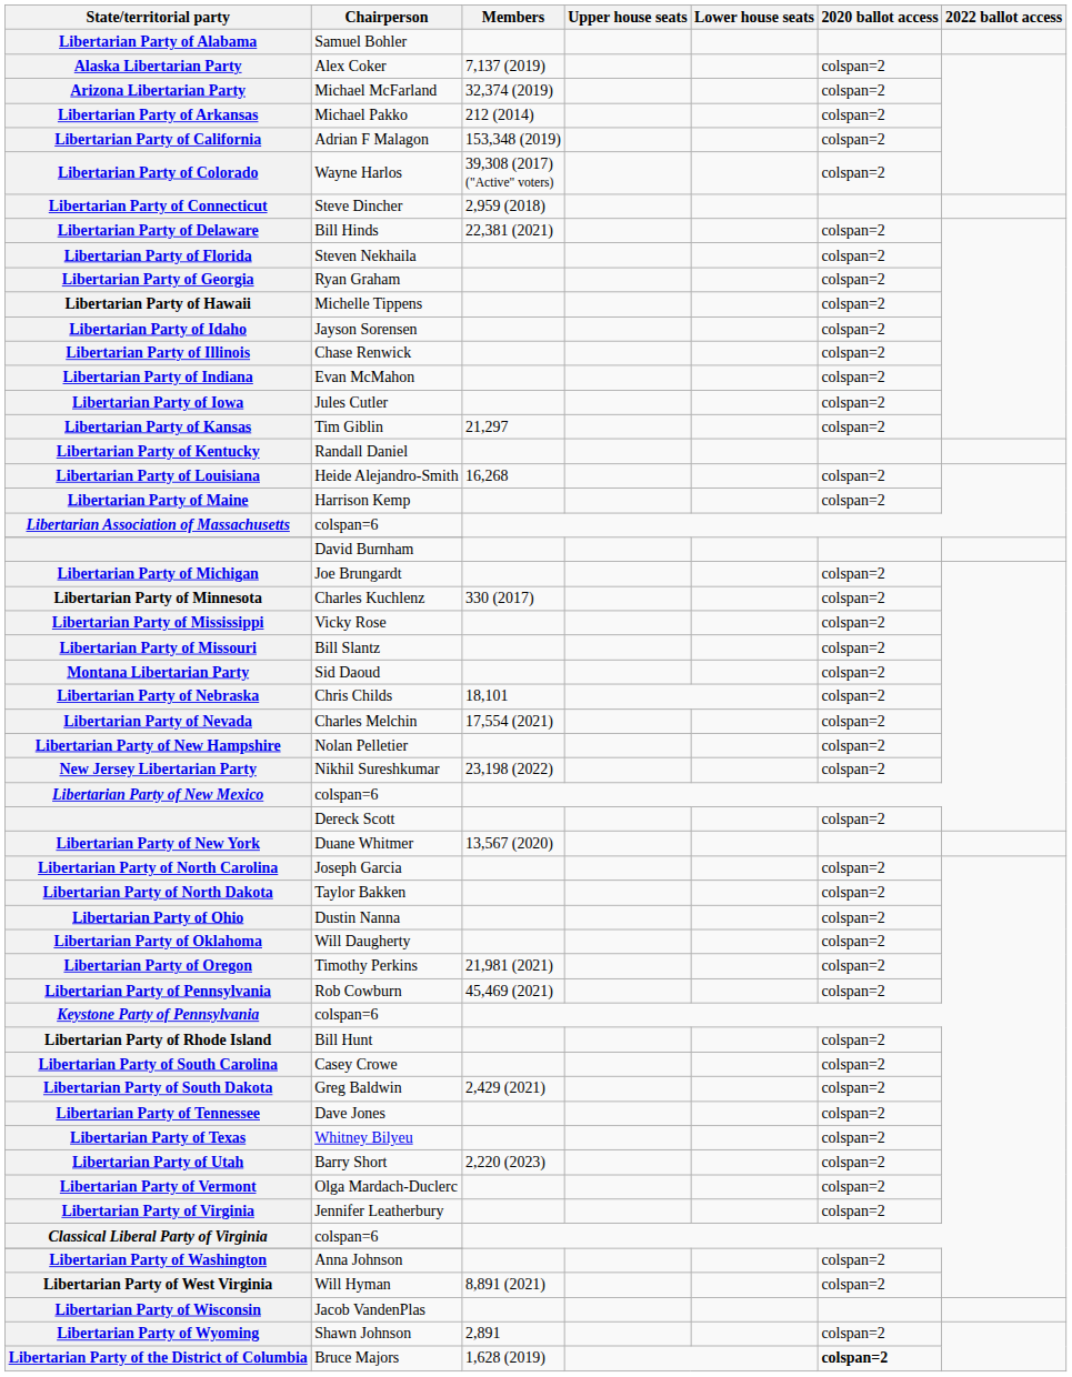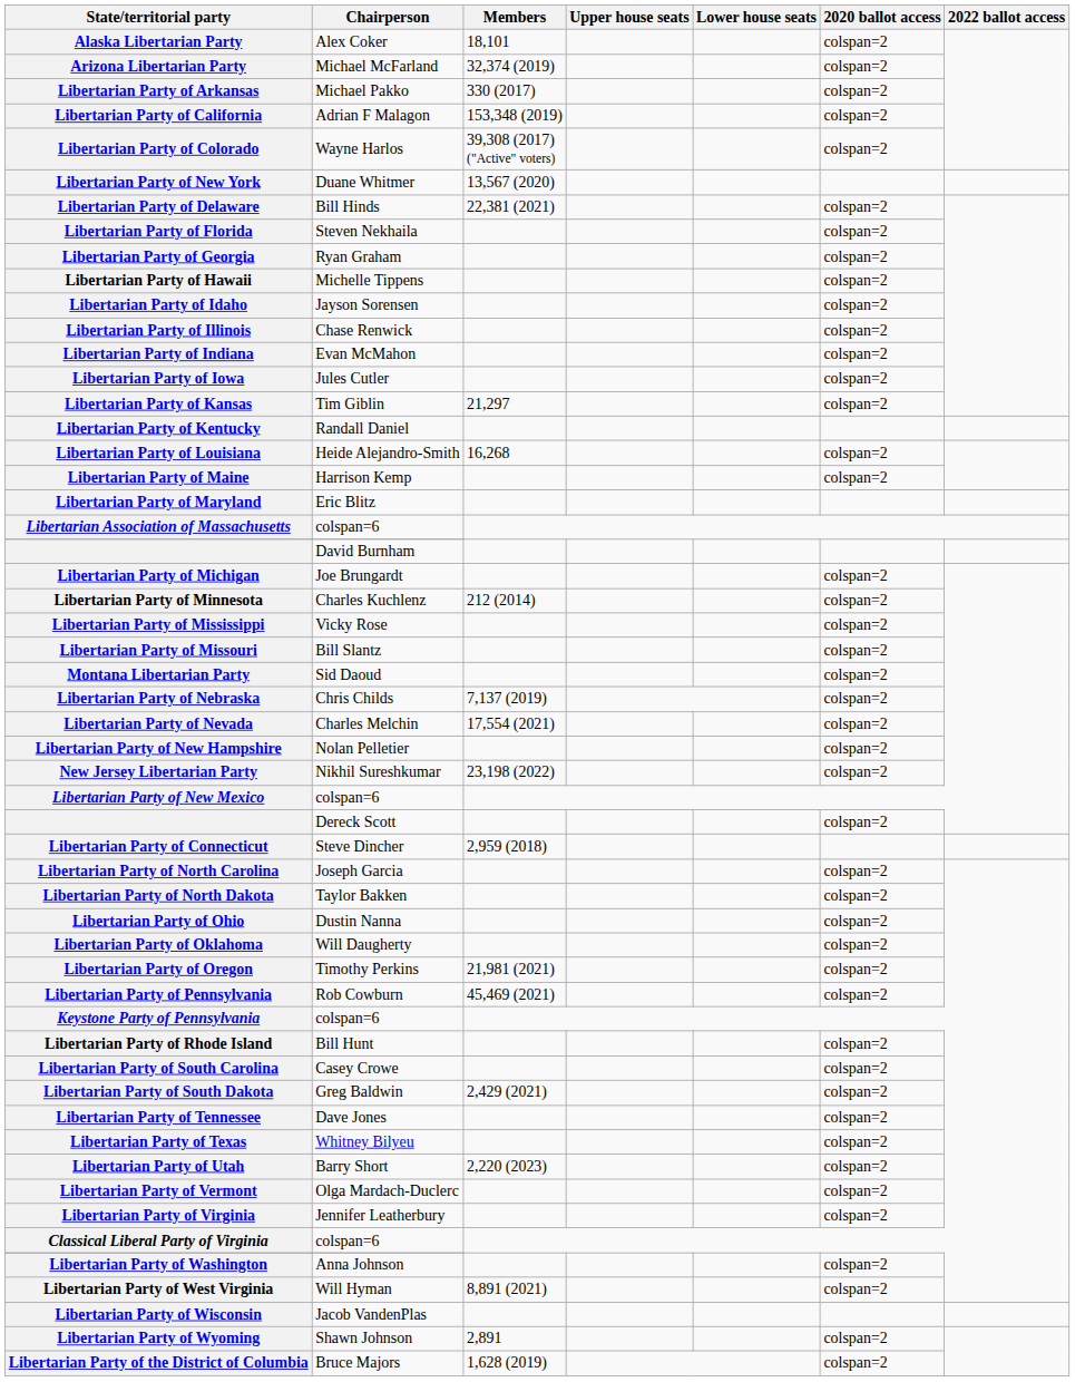 <table class="wikitable sortable">
 <tr>
 <th>State/territorial party</th>
 <th>Chairperson</th>
 <th>Members</th>
 <th>Upper house seats</th>
 <th>Lower house seats</th>
 <th>2020 ballot access</th>
 <th>2022 ballot access</th>
 </tr>
 <tr>
-<th><a href='#'>Libertarian Party of Alabama</a></th>
-<td>Samuel Bohler</td>
-<td></td>
-<td></td>
-<td></td>
-<td></td>
-<td></td>
-</tr>
-<tr>
 <th><a href='#'>Alaska Libertarian Party</a></th>
 <td>Alex Coker</td>
-<td>7,137 (2019)</td>
+<td>18,101</td>
 <td></td>
 <td></td>
 <td>colspan=2 </td>
 </tr>
 <tr>
 <th><a href='#'>Arizona Libertarian Party</a></th>
 <td>Michael McFarland </td>
 <td>32,374 (2019)</td>
 <td></td>
 <td></td>
 <td>colspan=2 </td>
 </tr>
 <tr>
 <th><a href='#'>Libertarian Party of Arkansas</a></th>
 <td>Michael Pakko</td>
-<td>212 (2014)</td>
+<td>330 (2017)</td>
 <td></td>
 <td></td>
 <td>colspan=2 </td>
 </tr>
 <tr>
 <th><a href='#'>Libertarian Party of California</a></th>
 <td>Adrian F Malagon</td>
 <td>153,348 (2019)</td>
 <td></td>
 <td></td>
 <td>colspan=2 </td>
 </tr>
 <tr>
 <th><a href='#'>Libertarian Party of Colorado</a></th>
 <td>Wayne Harlos</td>
 <td>39,308 (2017)<br><small>("Active" voters)</small></td>
 <td></td>
 <td></td>
 <td>colspan=2 </td>
 </tr>
 <tr>
-<th><a href='#'>Libertarian Party of Connecticut</a></th>
-<td>Steve Dincher</td>
-<td>2,959 (2018)</td>
+<th><a href='#'>Libertarian Party of New York</a></th>
+<td>Duane Whitmer</td>
+<td>13,567 (2020)</td>
 <td></td>
 <td></td>
 <td></td>
 <td></td>
 </tr>
 <tr>
 <th><a href='#'>Libertarian Party of Delaware</a></th>
 <td>Bill Hinds</td>
 <td>22,381 (2021)</td>
 <td></td>
 <td></td>
 <td>colspan=2 </td>
 </tr>
 <tr>
 <th><a href='#'>Libertarian Party of Florida</a></th>
 <td>Steven Nekhaila</td>
 <td></td>
 <td></td>
 <td></td>
 <td>colspan=2 </td>
 </tr>
 <tr>
 <th><a href='#'>Libertarian Party of Georgia</a></th>
 <td>Ryan Graham</td>
 <td></td>
 <td></td>
 <td></td>
 <td>colspan=2 </td>
 </tr>
 <tr>
 <th>Libertarian Party of Hawaii</th>
 <td>Michelle Tippens</td>
 <td></td>
 <td></td>
 <td></td>
 <td>colspan=2 </td>
 </tr>
 <tr>
 <th><a href='#'>Libertarian Party of Idaho</a></th>
 <td>Jayson Sorensen</td>
 <td></td>
 <td></td>
 <td></td>
 <td>colspan=2 </td>
 </tr>
 <tr>
 <th><a href='#'>Libertarian Party of Illinois</a></th>
 <td>Chase Renwick</td>
 <td></td>
 <td></td>
 <td></td>
 <td>colspan=2 </td>
 </tr>
 <tr>
 <th><a href='#'>Libertarian Party of Indiana</a></th>
 <td>Evan McMahon</td>
 <td></td>
 <td></td>
 <td></td>
 <td>colspan=2 </td>
 </tr>
 <tr>
 <th><a href='#'>Libertarian Party of Iowa</a></th>
 <td>Jules Cutler</td>
 <td></td>
 <td></td>
 <td></td>
 <td>colspan=2 </td>
 </tr>
 <tr>
 <th><a href='#'>Libertarian Party of Kansas</a></th>
 <td>Tim Giblin</td>
 <td>21,297</td>
 <td></td>
 <td></td>
 <td>colspan=2 </td>
 </tr>
 <tr>
 <th><a href='#'>Libertarian Party of Kentucky</a></th>
 <td>Randall Daniel</td>
 <td></td>
 <td></td>
 <td></td>
 <td></td>
 <td></td>
 </tr>
 <tr>
 <th><a href='#'>Libertarian Party of Louisiana</a></th>
 <td>Heide Alejandro-Smith</td>
 <td>16,268</td>
 <td></td>
 <td></td>
 <td>colspan=2 </td>
 </tr>
 <tr>
 <th><a href='#'>Libertarian Party of Maine</a></th>
 <td>Harrison Kemp</td>
 <td></td>
 <td></td>
 <td></td>
 <td>colspan=2 </td>
 </tr>
 <tr>
+<th><a href='#'>Libertarian Party of Maryland</a></th>
+<td>Eric Blitz</td>
+<td></td>
+<td></td>
+<td></td>
+<td></td>
+<td></td>
+</tr>
+<tr>
 <th><em><a href='#'>Libertarian Association of Massachusetts </a></em></th>
 <td>colspan=6 </td>
 </tr>
 <tr>
 </tr>
 <tr>
 <th><br></th>
 <td>David Burnham</td>
 <td></td>
 <td></td>
 <td></td>
 <td></td>
 <td></td>
 </tr>
 <tr>
 <th><a href='#'>Libertarian Party of Michigan</a></th>
 <td>Joe Brungardt</td>
 <td></td>
 <td></td>
 <td></td>
 <td>colspan=2 </td>
 </tr>
 <tr>
 <th>Libertarian Party of Minnesota</th>
 <td>Charles Kuchlenz</td>
-<td>330 (2017)</td>
+<td>212 (2014)</td>
 <td></td>
 <td></td>
 <td>colspan=2 </td>
 </tr>
 <tr>
 <th><a href='#'>Libertarian Party of Mississippi</a></th>
 <td>Vicky Rose</td>
 <td></td>
 <td></td>
 <td></td>
 <td>colspan=2 </td>
 </tr>
 <tr>
 <th><a href='#'>Libertarian Party of Missouri</a></th>
 <td>Bill Slantz</td>
 <td></td>
 <td></td>
 <td></td>
 <td>colspan=2 </td>
 </tr>
 <tr>
 <th><a href='#'>Montana Libertarian Party</a></th>
 <td>Sid Daoud</td>
 <td></td>
 <td></td>
 <td></td>
 <td>colspan=2 </td>
 </tr>
 <tr>
 <th><a href='#'>Libertarian Party of Nebraska</a></th>
 <td>Chris Childs</td>
-<td>18,101</td>
+<td>7,137 (2019)</td>
 <td colspan=2></td>
 <td>colspan=2 </td>
 </tr>
 <tr>
 <th><a href='#'>Libertarian Party of Nevada</a></th>
 <td>Charles Melchin</td>
 <td>17,554 (2021)</td>
 <td></td>
 <td></td>
 <td>colspan=2 </td>
 </tr>
 <tr>
 <th><a href='#'>Libertarian Party of New Hampshire</a></th>
 <td>Nolan Pelletier</td>
 <td></td>
 <td></td>
 <td></td>
 <td>colspan=2 </td>
 </tr>
 <tr>
 <th><a href='#'>New Jersey Libertarian Party</a></th>
 <td>Nikhil Sureshkumar</td>
 <td>23,198 (2022)</td>
 <td></td>
 <td></td>
 <td>colspan=2 </td>
 </tr>
 <tr>
 <th><em><a href='#'>Libertarian Party of New Mexico</a></em></th>
 <td>colspan=6 </td>
 </tr>
 <tr>
 <th><br></th>
 <td>Dereck Scott</td>
 <td></td>
 <td></td>
 <td></td>
 <td>colspan=2 </td>
 </tr>
 <tr>
-<th><a href='#'>Libertarian Party of New York</a></th>
-<td>Duane Whitmer</td>
-<td>13,567 (2020)</td>
+<th><a href='#'>Libertarian Party of Connecticut</a></th>
+<td>Steve Dincher</td>
+<td>2,959 (2018)</td>
 <td></td>
 <td></td>
 <td></td>
 <td></td>
 </tr>
 <tr>
 <th><a href='#'>Libertarian Party of North Carolina</a></th>
 <td>Joseph Garcia</td>
 <td></td>
 <td></td>
 <td></td>
 <td>colspan=2 </td>
 </tr>
 <tr>
 <th><a href='#'>Libertarian Party of North Dakota</a></th>
 <td>Taylor Bakken</td>
 <td></td>
 <td></td>
 <td></td>
 <td>colspan=2 </td>
 </tr>
 <tr>
 <th><a href='#'>Libertarian Party of Ohio</a></th>
 <td>Dustin Nanna</td>
 <td></td>
 <td></td>
 <td></td>
 <td>colspan=2 </td>
 </tr>
 <tr>
 <th><a href='#'>Libertarian Party of Oklahoma</a></th>
 <td>Will Daugherty</td>
 <td></td>
 <td></td>
 <td></td>
 <td>colspan=2 </td>
 </tr>
 <tr>
 <th><a href='#'>Libertarian Party of Oregon</a></th>
 <td>Timothy Perkins</td>
 <td>21,981 (2021)</td>
 <td></td>
 <td></td>
 <td>colspan=2 </td>
 </tr>
 <tr>
 <th><a href='#'>Libertarian Party of Pennsylvania</a><br></th>
 <td>Rob Cowburn</td>
 <td>45,469 (2021)</td>
 <td></td>
 <td></td>
 <td>colspan=2 </td>
 </tr>
 <tr>
 <th><em><a href='#'>Keystone Party of Pennsylvania</a></em></th>
 <td>colspan=6 </td>
 </tr>
 <tr>
 <th>Libertarian Party of Rhode Island</th>
 <td>Bill Hunt</td>
 <td></td>
 <td></td>
 <td></td>
 <td>colspan=2 </td>
 </tr>
 <tr>
 <th><a href='#'>Libertarian Party of South Carolina</a></th>
 <td>Casey Crowe</td>
 <td></td>
 <td></td>
 <td></td>
 <td>colspan=2 </td>
 </tr>
 <tr>
 <th><a href='#'>Libertarian Party of South Dakota</a></th>
 <td>Greg Baldwin</td>
 <td>2,429 (2021)</td>
 <td></td>
 <td></td>
 <td>colspan=2 </td>
 </tr>
 <tr>
 <th><a href='#'>Libertarian Party of Tennessee</a></th>
 <td>Dave Jones</td>
 <td></td>
 <td></td>
 <td></td>
 <td>colspan=2 </td>
 </tr>
 <tr>
 <th><a href='#'>Libertarian Party of Texas</a></th>
 <td><a href='#'>Whitney Bilyeu</a></td>
 <td></td>
 <td></td>
 <td></td>
 <td>colspan=2 </td>
 </tr>
 <tr>
 <th><a href='#'>Libertarian Party of Utah</a></th>
 <td>Barry Short</td>
 <td>2,220 (2023)</td>
 <td></td>
 <td></td>
 <td>colspan=2 </td>
 </tr>
 <tr>
 <th><a href='#'>Libertarian Party of Vermont</a></th>
 <td>Olga Mardach-Duclerc</td>
 <td></td>
 <td></td>
 <td></td>
 <td>colspan=2 </td>
 </tr>
 <tr>
 <th><a href='#'>Libertarian Party of Virginia</a><br></th>
 <td>Jennifer Leatherbury</td>
 <td></td>
 <td></td>
 <td></td>
 <td>colspan=2 </td>
 </tr>
 <tr>
 <th><em>Classical Liberal Party of Virginia</em></th>
 <td>colspan=6 </td>
 </tr>
 <tr>
 </tr>
 <tr>
 <th><a href='#'>Libertarian Party of Washington</a></th>
 <td>Anna Johnson</td>
 <td></td>
 <td></td>
 <td></td>
 <td>colspan=2 </td>
 </tr>
 <tr>
 <th>Libertarian Party of West Virginia</th>
 <td>Will Hyman</td>
 <td>8,891 (2021)</td>
 <td></td>
 <td></td>
 <td>colspan=2 </td>
 </tr>
 <tr>
 <th><a href='#'>Libertarian Party of Wisconsin</a></th>
 <td>Jacob VandenPlas</td>
 <td></td>
 <td></td>
 <td></td>
 <td></td>
 <td></td>
 </tr>
 <tr>
 <th><a href='#'>Libertarian Party of Wyoming</a></th>
 <td>Shawn Johnson</td>
 <td>2,891</td>
 <td></td>
 <td></td>
 <td>colspan=2 </td>
 </tr>
 <tr>
 <th><a href='#'>Libertarian Party of the District of Columbia</a></th>
 <td>Bruce Majors</td>
 <td>1,628 (2019)</td>
 <td colspan=2></td>
-<td><strong>colspan=2 </strong></td>
+<td>colspan=2 </td>
 </tr>
 </table>
